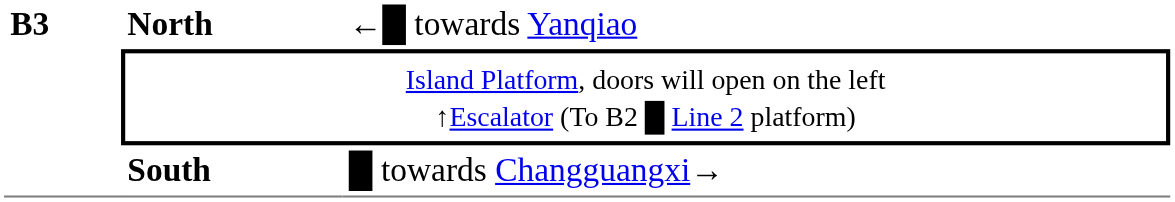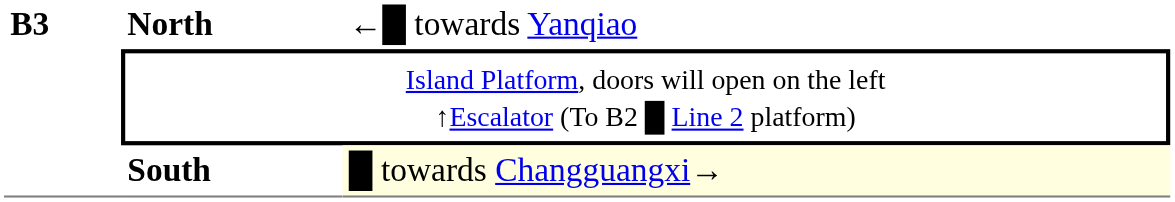 <table table border=0 cellspacing=0 cellpadding=3>
 <tr>
 <td style="border-top:solid 0px gray;border-bottom:solid 1px gray;" width=50 rowspan=3 valign=top><strong>B3</strong></td>
 <td style="border-top:solid 0px gray;" width=100><strong>North</strong></td>
 <td style="border-top:solid 0px gray;" width=390>←<span>█</span> towards <a href='#'>Yanqiao</a></td>
 </tr>
 <tr>
 <td style="border-top:solid 2px black;border-right:solid 2px black;border-left:solid 2px black;border-bottom:solid 2px black;text-align:center;" colspan=2><small><a href='#'>Island Platform</a>, doors will open on the left<br>↑<a href='#'>Escalator</a> (To B2 <span>█</span> <a href='#'>Line 2</a> platform)</small></td>
 </tr>
 <tr>
 <td style="border-bottom:solid 1px gray;"><strong>South</strong></td>
-<td style="border-bottom:solid 1px gray;"><span>█</span> towards <a href='#'>Changguangxi</a>→</td>
+<td style="background: lightyellow; border-bottom:solid 1px gray;"><span>█</span> towards <a href='#'>Changguangxi</a>→</td>
 </tr>
 </table>
